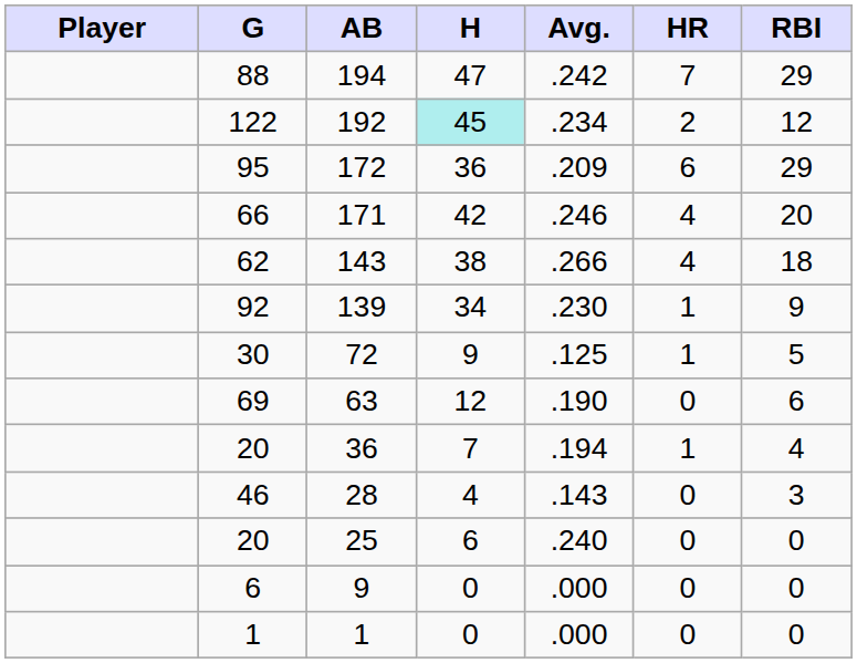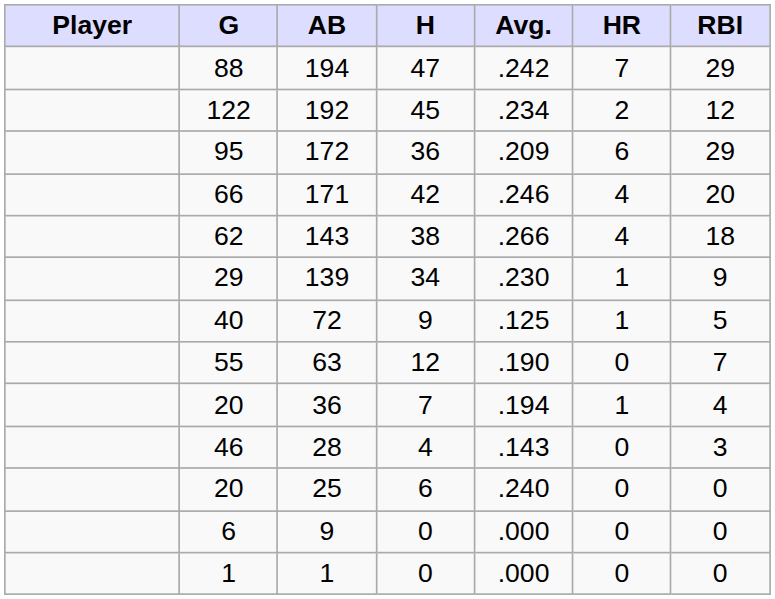 <table class="wikitable sortable">
 <tr>
 <th style="background:#ddf; width:16%;">Player</th>
 <th style="background:#ddf; width:9%;">G</th>
 <th style="background:#ddf; width:9%;">AB</th>
 <th style="background:#ddf; width:9%;">H</th>
 <th style="background:#ddf; width:9%;">Avg.</th>
 <th style="background:#ddf; width:9%;">HR</th>
 <th style="background:#ddf; width:9%;">RBI</th>
 </tr>
 <tr style="text-align:center;">
 <td></td>
 <td>88</td>
 <td>194</td>
 <td>47</td>
 <td>.242</td>
 <td>7</td>
 <td>29</td>
 </tr>
 <tr style="text-align:center;">
 <td></td>
 <td>122</td>
 <td>192</td>
-<td style="background: paleturquoise;">45</td>
+<td>45</td>
 <td>.234</td>
 <td>2</td>
 <td>12</td>
 </tr>
 <tr style="text-align:center;">
 <td></td>
 <td>95</td>
 <td>172</td>
 <td>36</td>
 <td>.209</td>
 <td>6</td>
 <td>29</td>
 </tr>
 <tr style="text-align:center;">
 <td></td>
 <td>66</td>
 <td>171</td>
 <td>42</td>
 <td>.246</td>
 <td>4</td>
 <td>20</td>
 </tr>
 <tr style="text-align:center;">
 <td></td>
 <td>62</td>
 <td>143</td>
 <td>38</td>
 <td>.266</td>
 <td>4</td>
 <td>18</td>
 </tr>
 <tr style="text-align:center;">
 <td></td>
-<td>92</td>
+<td>29</td>
 <td>139</td>
 <td>34</td>
 <td>.230</td>
 <td>1</td>
 <td>9</td>
 </tr>
 <tr style="text-align:center;">
 <td></td>
-<td>30</td>
+<td>40</td>
 <td>72</td>
 <td>9</td>
 <td>.125</td>
 <td>1</td>
 <td>5</td>
 </tr>
 <tr style="text-align:center;">
 <td></td>
-<td>69</td>
+<td>55</td>
 <td>63</td>
 <td>12</td>
 <td>.190</td>
 <td>0</td>
-<td>6</td>
+<td>7</td>
 </tr>
 <tr style="text-align:center;">
 <td></td>
 <td>20</td>
 <td>36</td>
 <td>7</td>
 <td>.194</td>
 <td>1</td>
 <td>4</td>
 </tr>
 <tr style="text-align:center;">
 <td></td>
 <td>46</td>
 <td>28</td>
 <td>4</td>
 <td>.143</td>
 <td>0</td>
 <td>3</td>
 </tr>
 <tr style="text-align:center;'">
 <td></td>
 <td>20</td>
 <td>25</td>
 <td>6</td>
 <td>.240</td>
 <td>0</td>
 <td>0</td>
 </tr>
 <tr style="text-align:center;">
 <td></td>
 <td>6</td>
 <td>9</td>
 <td>0</td>
 <td>.000</td>
 <td>0</td>
 <td>0</td>
 </tr>
 <tr style="text-align:center;">
 <td></td>
 <td>1</td>
 <td>1</td>
 <td>0</td>
 <td>.000</td>
 <td>0</td>
 <td>0</td>
 </tr>
 </table>
